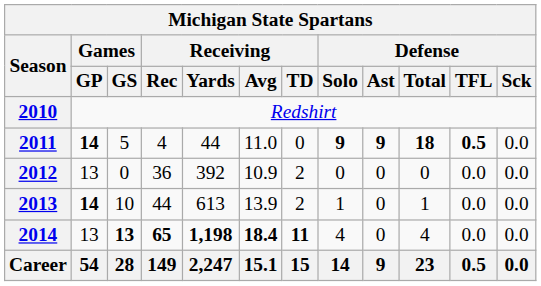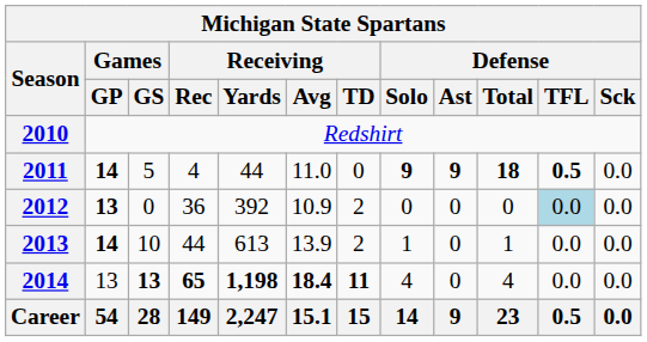 <table class="wikitable" style="text-align:center;">
 <tr>
 <th colspan="12">Michigan State Spartans</th>
 </tr>
 <tr>
 <th rowspan="2">Season</th>
 <th colspan="2">Games</th>
 <th colspan="4">Receiving</th>
 <th colspan="5">Defense</th>
 </tr>
 <tr>
 <th>GP</th>
 <th>GS</th>
 <th>Rec</th>
 <th>Yards</th>
 <th>Avg</th>
 <th>TD</th>
 <th>Solo</th>
 <th>Ast</th>
 <th>Total</th>
 <th>TFL</th>
 <th>Sck</th>
 </tr>
 <tr>
 <th><a href='#'>2010</a></th>
 <td colspan="12"><em><a href='#'>Redshirt</a> </em></td>
 </tr>
 <tr>
 <th><a href='#'>2011</a></th>
 <td><strong>14</strong></td>
 <td>5</td>
 <td>4</td>
 <td>44</td>
 <td>11.0</td>
 <td>0</td>
 <td><strong>9</strong></td>
 <td><strong>9</strong></td>
 <td><strong>18</strong></td>
 <td><strong>0.5</strong></td>
 <td>0.0</td>
 </tr>
 <tr>
 <th><a href='#'>2012</a></th>
-<td>13</td>
+<td><strong>13</strong></td>
 <td>0</td>
 <td>36</td>
 <td>392</td>
 <td>10.9</td>
 <td>2</td>
 <td>0</td>
 <td>0</td>
 <td>0</td>
-<td>0.0</td>
+<td style="background: lightblue;">0.0</td>
 <td>0.0</td>
 </tr>
 <tr>
 <th><a href='#'>2013</a></th>
 <td><strong>14</strong></td>
 <td>10</td>
 <td>44</td>
 <td>613</td>
 <td>13.9</td>
 <td>2</td>
 <td>1</td>
 <td>0</td>
 <td>1</td>
 <td>0.0</td>
 <td>0.0</td>
 </tr>
 <tr>
 <th><a href='#'>2014</a></th>
 <td>13</td>
 <td><strong>13</strong></td>
 <td><strong>65</strong></td>
 <td><strong>1,198</strong></td>
 <td><strong>18.4</strong></td>
 <td><strong>11</strong></td>
 <td>4</td>
 <td>0</td>
 <td>4</td>
 <td>0.0</td>
 <td>0.0</td>
 </tr>
 <tr>
 <th>Career</th>
 <th>54</th>
 <th>28</th>
 <th>149</th>
 <th>2,247</th>
 <th>15.1</th>
 <th>15</th>
 <th>14</th>
 <th>9</th>
 <th>23</th>
 <th>0.5</th>
 <th>0.0</th>
 </tr>
 </table>
